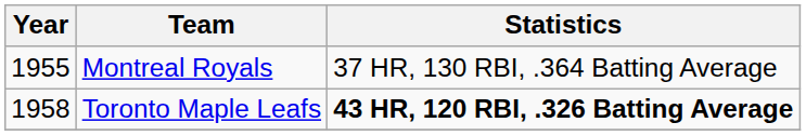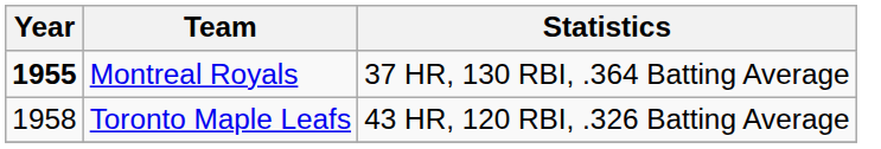 <table class="wikitable">
 <tr>
 <th>Year</th>
 <th>Team</th>
 <th>Statistics</th>
 </tr>
 <tr>
-<td>1955</td>
+<td><strong>1955</strong></td>
 <td><a href='#'>Montreal Royals</a></td>
 <td>37 HR, 130 RBI, .364 Batting Average</td>
 </tr>
 <tr>
 <td>1958</td>
 <td><a href='#'>Toronto Maple Leafs</a></td>
-<td><strong>43 HR, 120 RBI, .326 Batting Average</strong></td>
+<td>43 HR, 120 RBI, .326 Batting Average</td>
 </tr>
 <tr>
 </tr>
 </table>
